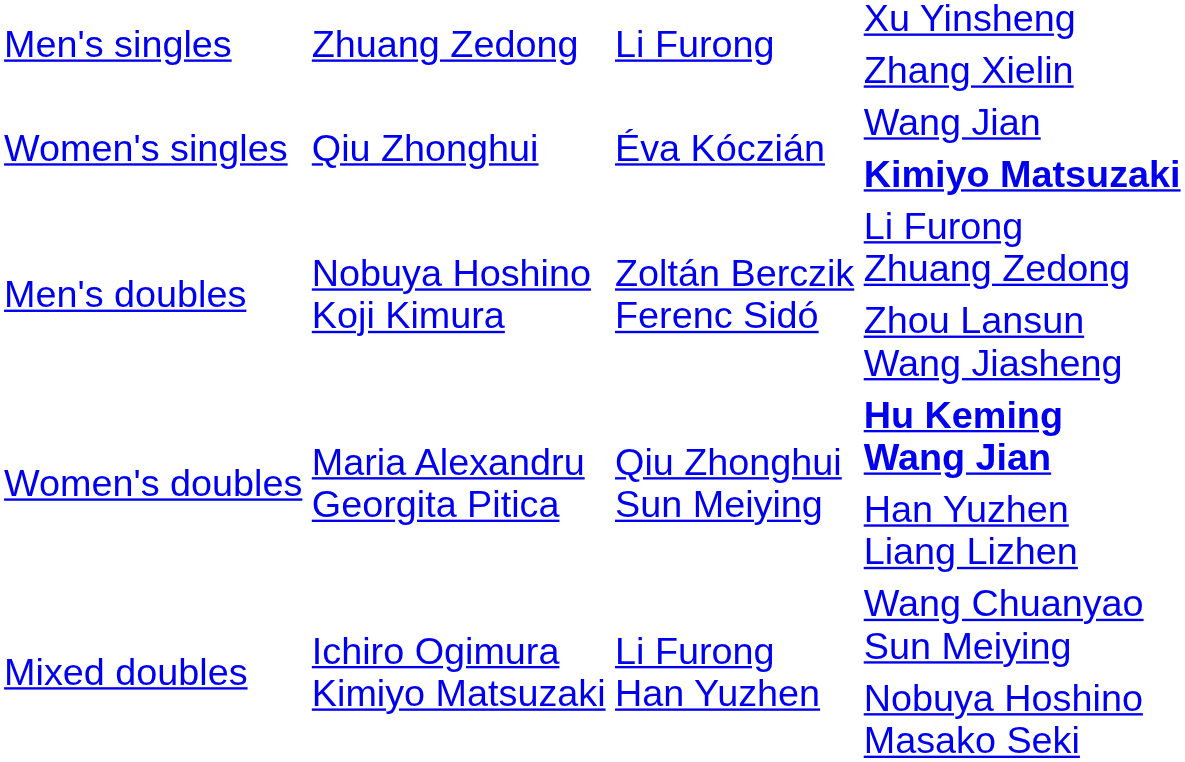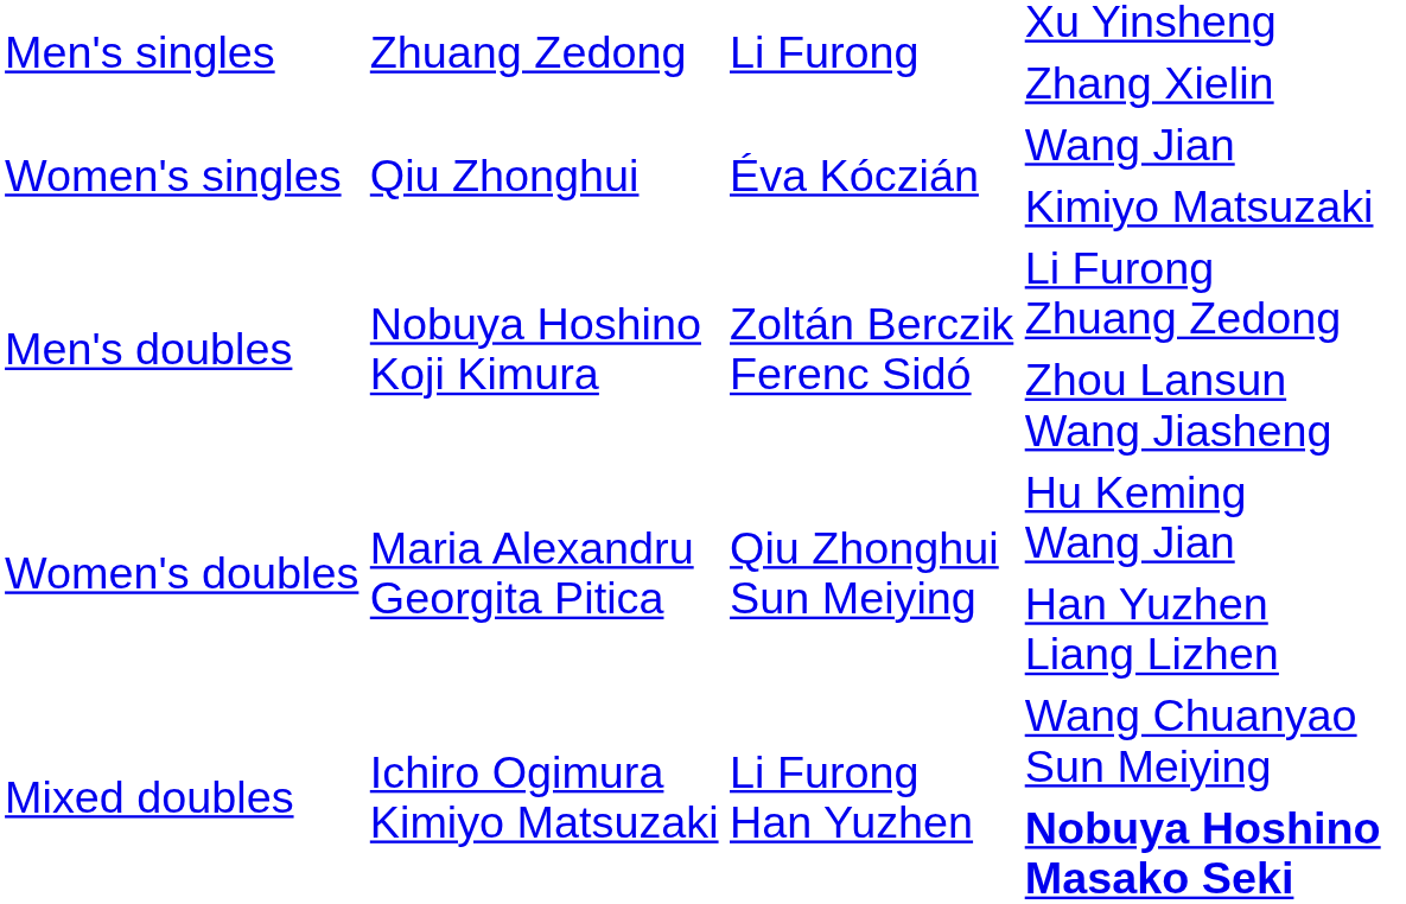 <table>
 <tr>
 <td rowspan=2><a href='#'>Men's singles</a></td>
 <td rowspan=2> <a href='#'>Zhuang Zedong</a></td>
 <td rowspan=2> <a href='#'>Li Furong</a></td>
 <td> <a href='#'>Xu Yinsheng</a></td>
 </tr>
 <tr>
 <td> <a href='#'>Zhang Xielin</a></td>
 </tr>
 <tr>
 <td rowspan=2><a href='#'>Women's singles</a></td>
 <td rowspan=2> <a href='#'>Qiu Zhonghui</a></td>
 <td rowspan=2> <a href='#'>Éva Kóczián</a></td>
 <td> <a href='#'>Wang Jian</a></td>
 </tr>
 <tr>
-<td><strong> <a href='#'>Kimiyo Matsuzaki</a></strong></td>
+<td> <a href='#'>Kimiyo Matsuzaki</a></td>
 </tr>
 <tr>
 <td rowspan=2><a href='#'>Men's doubles</a></td>
 <td rowspan=2> <a href='#'>Nobuya Hoshino</a><br> <a href='#'>Koji Kimura</a></td>
 <td rowspan=2> <a href='#'>Zoltán Berczik</a><br> <a href='#'>Ferenc Sidó</a></td>
 <td> <a href='#'>Li Furong</a><br> <a href='#'>Zhuang Zedong</a></td>
 </tr>
 <tr>
 <td> <a href='#'>Zhou Lansun</a><br> <a href='#'>Wang Jiasheng</a></td>
 </tr>
 <tr>
 <td rowspan=2><a href='#'>Women's doubles</a></td>
 <td rowspan=2> <a href='#'>Maria Alexandru</a><br> <a href='#'>Georgita Pitica</a></td>
 <td rowspan=2> <a href='#'>Qiu Zhonghui</a><br> <a href='#'>Sun Meiying</a></td>
-<td><strong> <a href='#'>Hu Keming</a><br> <a href='#'>Wang Jian</a></strong></td>
+<td> <a href='#'>Hu Keming</a><br> <a href='#'>Wang Jian</a></td>
 </tr>
 <tr>
 <td> <a href='#'>Han Yuzhen</a><br> <a href='#'>Liang Lizhen</a></td>
 </tr>
 <tr>
 <td rowspan=2><a href='#'>Mixed doubles</a></td>
 <td rowspan=2> <a href='#'>Ichiro Ogimura</a><br> <a href='#'>Kimiyo Matsuzaki</a></td>
 <td rowspan=2> <a href='#'>Li Furong</a><br> <a href='#'>Han Yuzhen</a></td>
 <td> <a href='#'>Wang Chuanyao</a><br> <a href='#'>Sun Meiying</a></td>
 </tr>
 <tr>
-<td> <a href='#'>Nobuya Hoshino</a><br> <a href='#'>Masako Seki</a></td>
+<td><strong> <a href='#'>Nobuya Hoshino</a><br> <a href='#'>Masako Seki</a></strong></td>
 </tr>
 </table>
